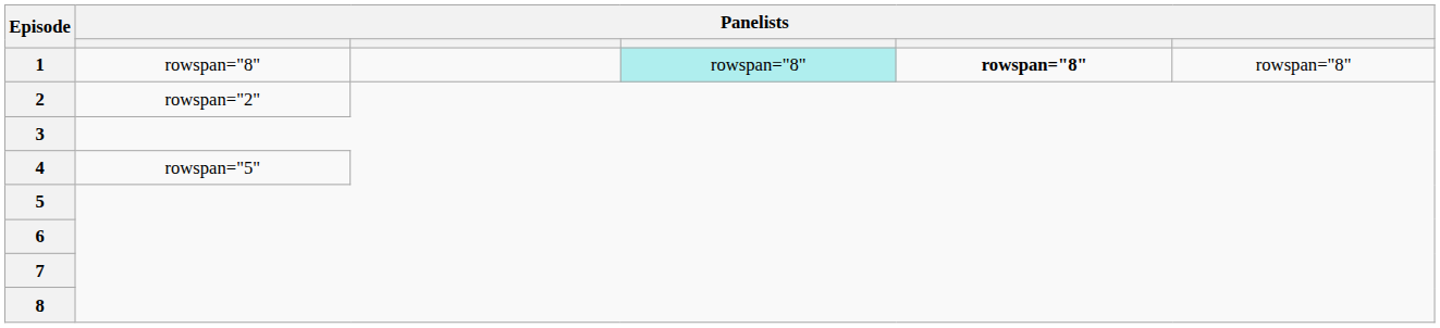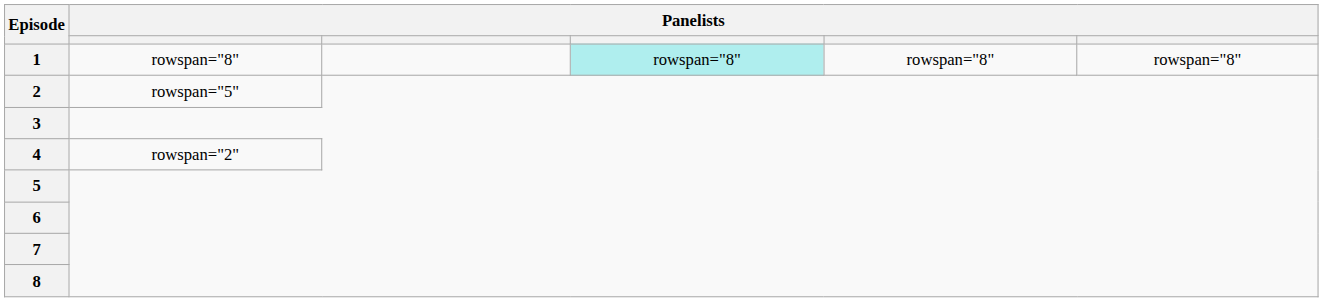 <table class="wikitable plainrowheaders mw-collapsible" style="text-align:center; line-height:23px; width:100%;">
 <tr>
 <th rowspan="2" width="1%">Episode</th>
 <th colspan="5">Panelists</th>
 </tr>
 <tr>
 <th width="20%"></th>
 <th width="20%"></th>
 <th width="20%"></th>
 <th width="20%"></th>
 <th width="20%"></th>
 </tr>
 <tr>
 <th>1</th>
 <td>rowspan="8" </td>
 <td></td>
 <td style="background: paleturquoise;">rowspan="8" </td>
-<td><strong>rowspan="8" </strong></td>
+<td>rowspan="8" </td>
 <td>rowspan="8" </td>
 </tr>
 <tr>
 <th>2</th>
-<td>rowspan="2" </td>
+<td>rowspan="5" </td>
 </tr>
 <tr>
 <th>3</th>
 </tr>
 <tr>
 <th>4</th>
-<td>rowspan="5" </td>
+<td>rowspan="2" </td>
 </tr>
 <tr>
 <th>5</th>
 </tr>
 <tr>
 <th>6</th>
 </tr>
 <tr>
 <th>7</th>
 </tr>
 <tr>
 <th>8</th>
 </tr>
 </table>
